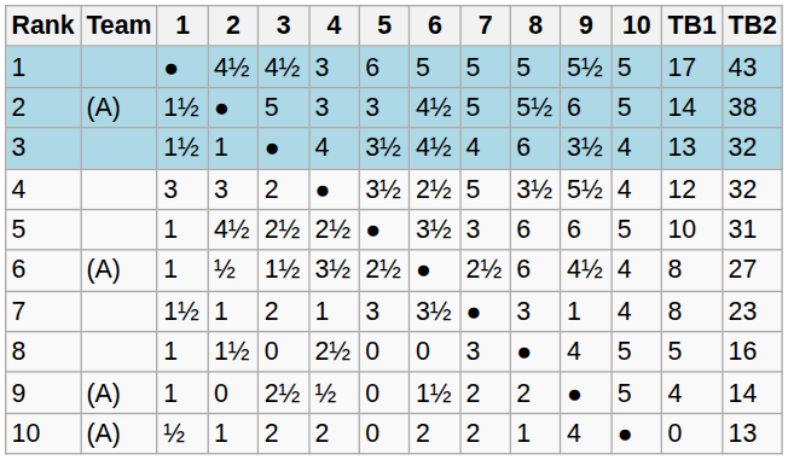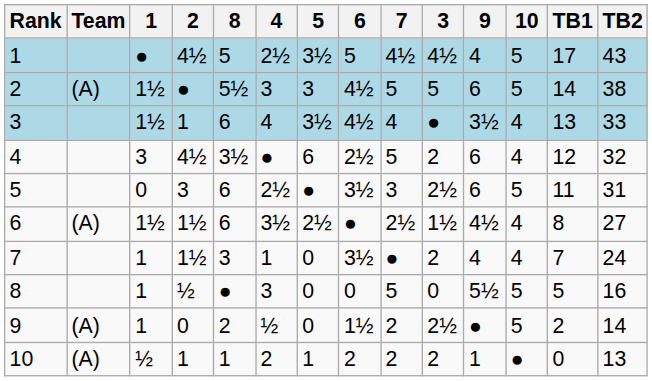 <table class="wikitable">
 <tr>
 <th>Rank</th>
 <th>Team</th>
 <th style="width:1.5em;">1</th>
 <th style="width:1.5em;">2</th>
-<th style="width:1.5em;">3</th>
+<th style="width:1.5em;">8</th>
 <th style="width:1.5em;">4</th>
 <th style="width:1.5em;">5</th>
 <th style="width:1.5em;">6</th>
 <th style="width:1.5em;">7</th>
-<th style="width:1.5em;">8</th>
+<th style="width:1.5em;">3</th>
 <th style="width:1.5em;">9</th>
 <th style="width:1.5em;">10</th>
 <th>TB1</th>
 <th>TB2</th>
 </tr>
 <tr style="background:lightblue">
 <td>1</td>
 <td></td>
 <td>●</td>
 <td>4½</td>
+<td>5</td>
+<td>2½</td>
+<td>3½</td>
+<td>5</td>
 <td>4½</td>
-<td>3</td>
-<td>6</td>
-<td>5</td>
-<td>5</td>
-<td>5</td>
-<td>5½</td>
+<td>4½</td>
+<td>4</td>
 <td>5</td>
 <td>17</td>
 <td>43</td>
 </tr>
 <tr style="background:lightblue">
 <td>2</td>
 <td> (A)</td>
 <td>1½</td>
 <td>●</td>
-<td>5</td>
+<td>5½</td>
 <td>3</td>
 <td>3</td>
 <td>4½</td>
 <td>5</td>
-<td>5½</td>
+<td>5</td>
 <td>6</td>
 <td>5</td>
 <td>14</td>
 <td>38</td>
 </tr>
 <tr style="background:lightblue">
 <td>3</td>
 <td></td>
 <td>1½</td>
 <td>1</td>
-<td>●</td>
+<td>6</td>
 <td>4</td>
 <td>3½</td>
 <td>4½</td>
 <td>4</td>
-<td>6</td>
+<td>●</td>
 <td>3½</td>
 <td>4</td>
 <td>13</td>
-<td>32</td>
+<td>33</td>
 </tr>
 <tr>
 <td>4</td>
 <td></td>
 <td>3</td>
-<td>3</td>
-<td>2</td>
+<td>4½</td>
+<td>3½</td>
 <td>●</td>
-<td>3½</td>
+<td>6</td>
 <td>2½</td>
 <td>5</td>
-<td>3½</td>
-<td>5½</td>
+<td>2</td>
+<td>6</td>
 <td>4</td>
 <td>12</td>
 <td>32</td>
 </tr>
 <tr>
 <td>5</td>
 <td></td>
-<td>1</td>
-<td>4½</td>
-<td>2½</td>
+<td>0</td>
+<td>3</td>
+<td>6</td>
 <td>2½</td>
 <td>●</td>
 <td>3½</td>
 <td>3</td>
-<td>6</td>
+<td>2½</td>
 <td>6</td>
 <td>5</td>
-<td>10</td>
+<td>11</td>
 <td>31</td>
 </tr>
 <tr>
 <td>6</td>
 <td> (A)</td>
-<td>1</td>
-<td>½</td>
 <td>1½</td>
+<td>1½</td>
+<td>6</td>
 <td>3½</td>
 <td>2½</td>
 <td>●</td>
 <td>2½</td>
-<td>6</td>
+<td>1½</td>
 <td>4½</td>
 <td>4</td>
 <td>8</td>
 <td>27</td>
 </tr>
 <tr>
 <td>7</td>
 <td></td>
+<td>1</td>
 <td>1½</td>
+<td>3</td>
 <td>1</td>
-<td>2</td>
-<td>1</td>
-<td>3</td>
+<td>0</td>
 <td>3½</td>
 <td>●</td>
-<td>3</td>
-<td>1</td>
+<td>2</td>
 <td>4</td>
-<td>8</td>
-<td>23</td>
+<td>4</td>
+<td>7</td>
+<td>24</td>
 </tr>
 <tr>
 <td>8</td>
 <td></td>
 <td>1</td>
-<td>1½</td>
-<td>0</td>
-<td>2½</td>
+<td>½</td>
+<td>●</td>
+<td>3</td>
 <td>0</td>
 <td>0</td>
-<td>3</td>
-<td>●</td>
-<td>4</td>
+<td>5</td>
+<td>0</td>
+<td>5½</td>
 <td>5</td>
 <td>5</td>
 <td>16</td>
 </tr>
 <tr>
 <td>9</td>
 <td> (A)</td>
 <td>1</td>
 <td>0</td>
-<td>2½</td>
+<td>2</td>
 <td>½</td>
 <td>0</td>
 <td>1½</td>
 <td>2</td>
-<td>2</td>
+<td>2½</td>
 <td>●</td>
 <td>5</td>
-<td>4</td>
+<td>2</td>
 <td>14</td>
 </tr>
 <tr>
 <td>10</td>
 <td> (A)</td>
 <td>½</td>
 <td>1</td>
+<td>1</td>
 <td>2</td>
+<td>1</td>
 <td>2</td>
-<td>0</td>
 <td>2</td>
 <td>2</td>
 <td>1</td>
-<td>4</td>
 <td>●</td>
 <td>0</td>
 <td>13</td>
 </tr>
 </table>
